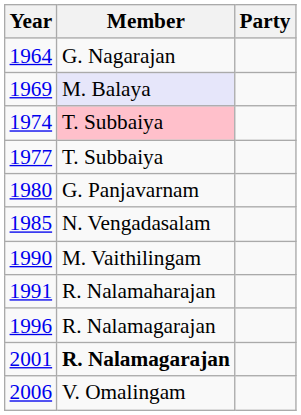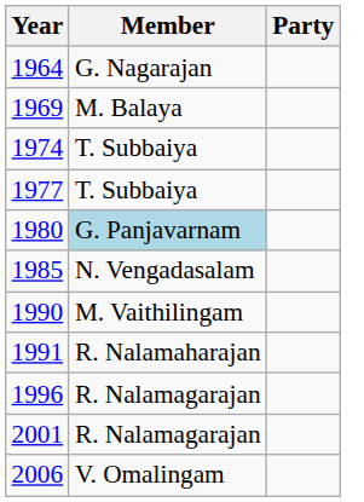 <table class="wikitable sortable">
 <tr>
 <th>Year</th>
 <th>Member</th>
 <th colspan=2>Party</th>
 </tr>
 <tr>
 <td><a href='#'>1964</a></td>
 <td>G. Nagarajan</td>
 <td></td>
 </tr>
 <tr>
 <td><a href='#'>1969</a></td>
-<td style="background: lavender;">M. Balaya</td>
+<td>M. Balaya</td>
 <td></td>
 </tr>
 <tr>
 <td><a href='#'>1974</a></td>
-<td style="background: pink;">T. Subbaiya</td>
+<td>T. Subbaiya</td>
 <td></td>
 </tr>
 <tr>
 <td><a href='#'>1977</a></td>
 <td>T. Subbaiya</td>
 <td></td>
 </tr>
 <tr>
 <td><a href='#'>1980</a></td>
-<td>G. Panjavarnam</td>
+<td style="background: lightblue;">G. Panjavarnam</td>
 <td></td>
 </tr>
 <tr>
 <td><a href='#'>1985</a></td>
 <td>N. Vengadasalam</td>
 <td></td>
 </tr>
 <tr>
 <td><a href='#'>1990</a></td>
 <td>M. Vaithilingam</td>
 <td></td>
 </tr>
 <tr>
 <td><a href='#'>1991</a></td>
 <td>R. Nalamaharajan</td>
 <td></td>
 </tr>
 <tr>
 <td><a href='#'>1996</a></td>
 <td>R. Nalamagarajan</td>
 <td></td>
 </tr>
 <tr>
 <td><a href='#'>2001</a></td>
-<td><strong>R. Nalamagarajan</strong></td>
+<td>R. Nalamagarajan</td>
 <td></td>
 </tr>
 <tr>
 <td><a href='#'>2006</a></td>
 <td>V. Omalingam</td>
 <td></td>
 </tr>
 </table>
